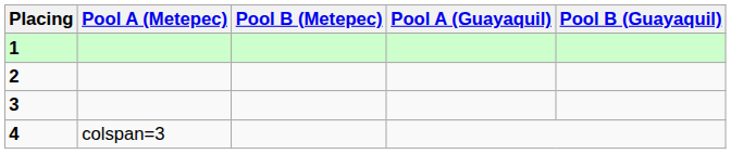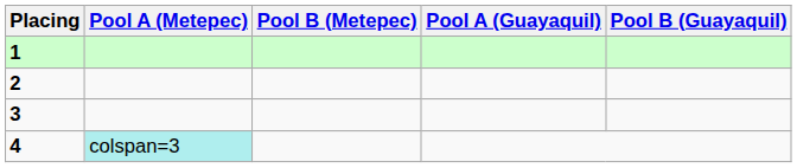 <table class=wikitable style="border:1px solid #AAAAAA;">
 <tr>
 <th>Placing</th>
 <th><a href='#'>Pool A (Metepec)</a></th>
 <th><a href='#'>Pool B (Metepec)</a></th>
 <th><a href='#'>Pool A (Guayaquil)</a></th>
 <th><a href='#'>Pool B (Guayaquil)</a></th>
 </tr>
 <tr style="background: #ccffcc;">
 <td><strong>1</strong></td>
 <td></td>
 <td></td>
 <td></td>
 <td></td>
 </tr>
 <tr>
 <td><strong>2</strong></td>
 <td></td>
 <td></td>
 <td></td>
 <td></td>
 </tr>
 <tr>
 <td><strong>3</strong></td>
 <td></td>
 <td></td>
 <td></td>
 <td></td>
 </tr>
 <tr>
 <td><strong>4</strong></td>
-<td>colspan=3 </td>
+<td style="background: paleturquoise;">colspan=3 </td>
 <td></td>
 </tr>
 </table>
